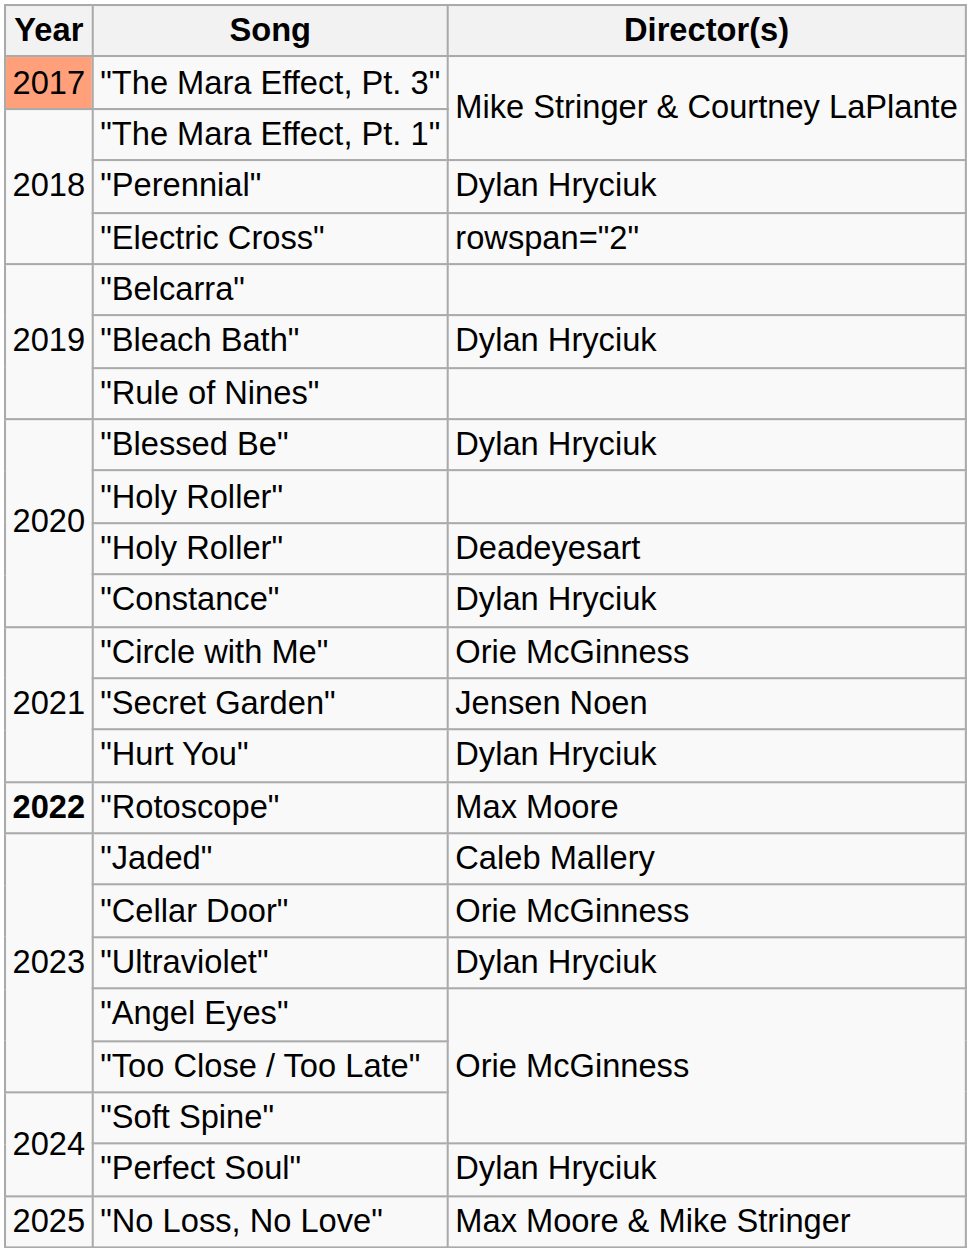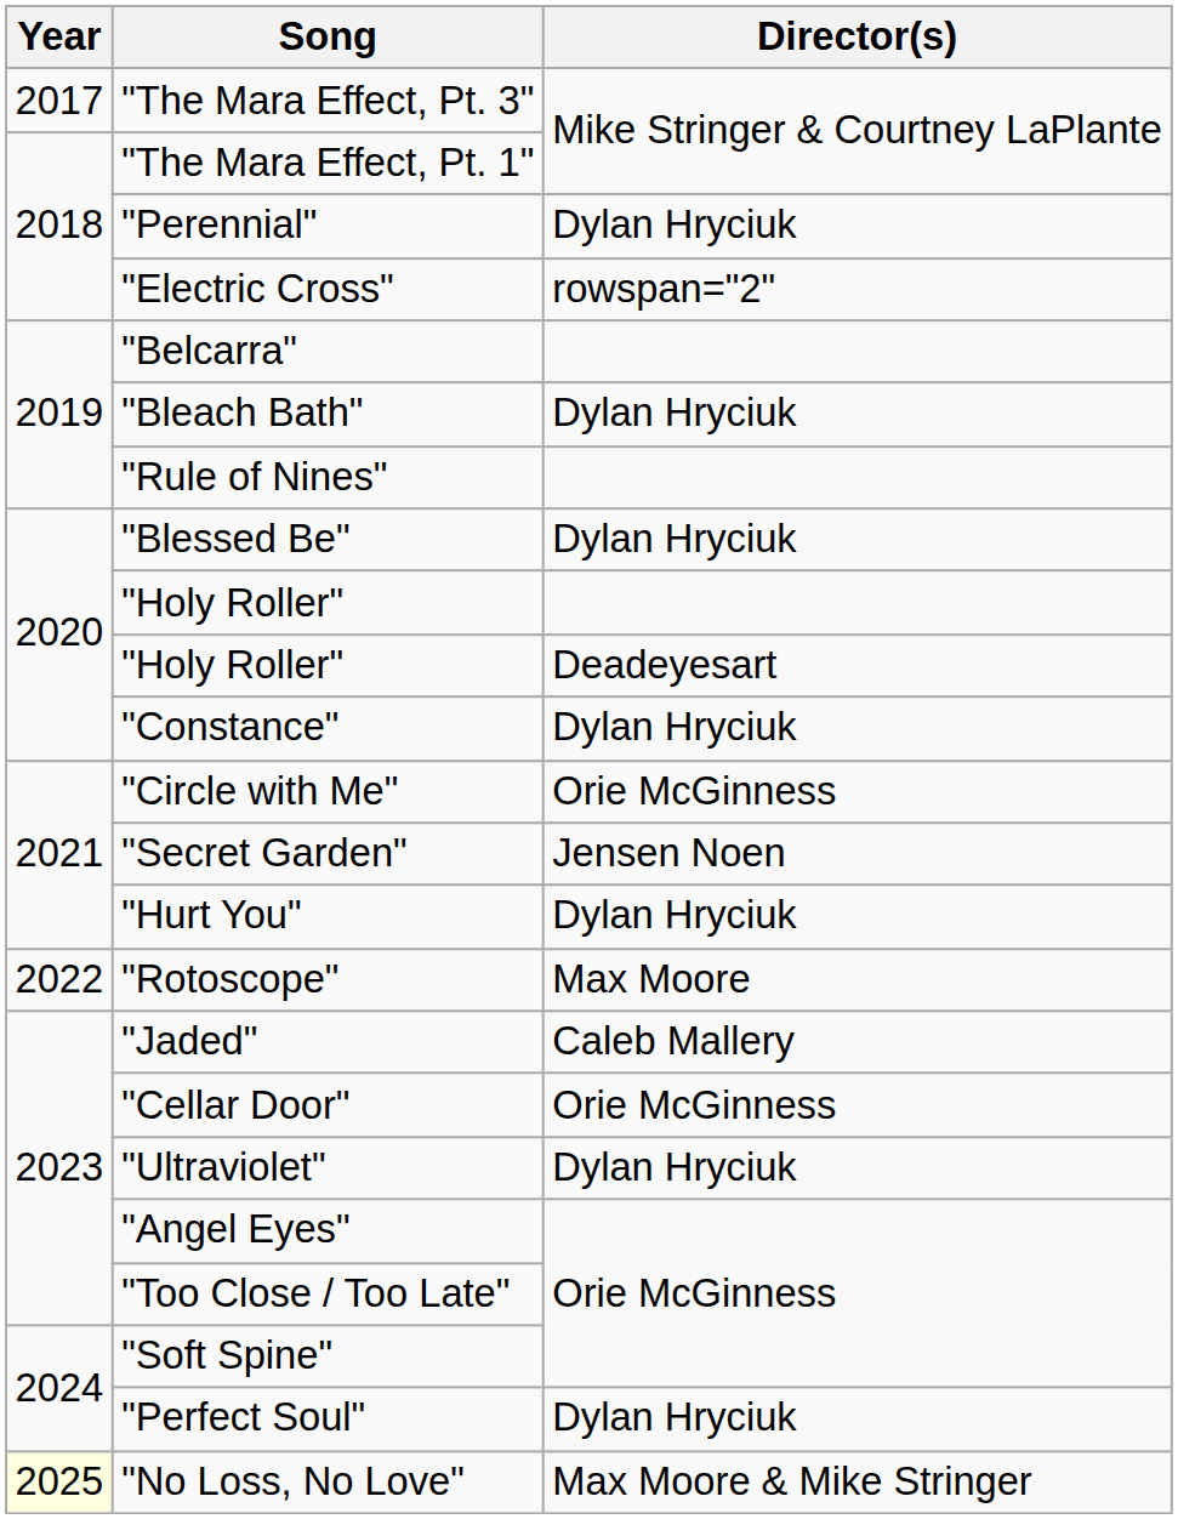 <table class="wikitable">
 <tr>
 <th>Year</th>
 <th>Song</th>
 <th>Director(s)</th>
 </tr>
 <tr>
-<td rowspan="1" style="background: lightsalmon;">2017</td>
+<td rowspan="1">2017</td>
 <td>"The Mara Effect, Pt. 3"</td>
 <td rowspan="2">Mike Stringer & Courtney LaPlante</td>
 </tr>
 <tr>
 <td rowspan="3">2018</td>
 <td>"The Mara Effect, Pt. 1"</td>
 </tr>
 <tr>
 <td>"Perennial"</td>
 <td>Dylan Hryciuk</td>
 </tr>
 <tr>
 <td>"Electric Cross"</td>
 <td>rowspan="2" </td>
 </tr>
 <tr>
 <td rowspan="3">2019</td>
 <td>"Belcarra"</td>
 </tr>
 <tr>
 <td>"Bleach Bath"</td>
 <td>Dylan Hryciuk</td>
 </tr>
 <tr>
 <td>"Rule of Nines"</td>
 <td></td>
 </tr>
 <tr>
 <td rowspan="4">2020</td>
 <td>"Blessed Be"</td>
 <td>Dylan Hryciuk</td>
 </tr>
 <tr>
 <td>"Holy Roller"</td>
 <td></td>
 </tr>
 <tr>
 <td>"Holy Roller"<br></td>
 <td>Deadeyesart</td>
 </tr>
 <tr>
 <td>"Constance"</td>
 <td>Dylan Hryciuk</td>
 </tr>
 <tr>
 <td rowspan="3">2021</td>
 <td>"Circle with Me"</td>
 <td>Orie McGinness</td>
 </tr>
 <tr>
 <td>"Secret Garden"</td>
 <td>Jensen Noen</td>
 </tr>
 <tr>
 <td>"Hurt You"</td>
 <td>Dylan Hryciuk</td>
 </tr>
 <tr>
-<td><strong>2022</strong></td>
+<td>2022</td>
 <td>"Rotoscope"</td>
 <td>Max Moore</td>
 </tr>
 <tr>
 <td rowspan="5">2023</td>
 <td>"Jaded"</td>
 <td>Caleb Mallery</td>
 </tr>
 <tr>
 <td>"Cellar Door"</td>
 <td>Orie McGinness</td>
 </tr>
 <tr>
 <td>"Ultraviolet"</td>
 <td>Dylan Hryciuk</td>
 </tr>
 <tr>
 <td>"Angel Eyes"</td>
 <td rowspan="3">Orie McGinness</td>
 </tr>
 <tr>
 <td>"Too Close / Too Late"</td>
 </tr>
 <tr>
 <td rowspan="2">2024</td>
 <td>"Soft Spine"</td>
 </tr>
 <tr>
 <td>"Perfect Soul"</td>
 <td>Dylan Hryciuk</td>
 </tr>
 <tr>
-<td>2025</td>
+<td style="background: lightyellow;">2025</td>
 <td>"No Loss, No Love"</td>
 <td>Max Moore & Mike Stringer</td>
 </tr>
 </table>
